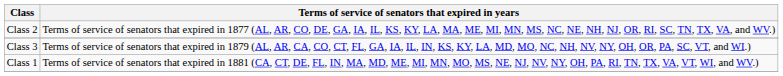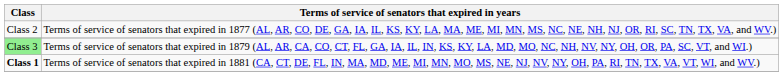 <table class="wikitable sortable">
 <tr valign=bottom>
 <th>Class</th>
 <th>Terms of service of senators that expired in years</th>
 </tr>
 <tr>
 <td>Class 2</td>
 <td>Terms of service of senators that expired in 1877 (<a href='#'>AL</a>, <a href='#'>AR</a>, <a href='#'>CO</a>, <a href='#'>DE</a>, <a href='#'>GA</a>, <a href='#'>IA</a>, <a href='#'>IL</a>, <a href='#'>KS</a>, <a href='#'>KY</a>, <a href='#'>LA</a>, <a href='#'>MA</a>, <a href='#'>ME</a>, <a href='#'>MI</a>, <a href='#'>MN</a>, <a href='#'>MS</a>, <a href='#'>NC</a>, <a href='#'>NE</a>, <a href='#'>NH</a>, <a href='#'>NJ</a>, <a href='#'>OR</a>, <a href='#'>RI</a>, <a href='#'>SC</a>, <a href='#'>TN</a>, <a href='#'>TX</a>, <a href='#'>VA</a>, and <a href='#'>WV</a>.)</td>
 </tr>
 <tr>
 </tr>
 <tr>
-<td>Class 3</td>
+<td style="background: lightgreen;">Class 3</td>
 <td>Terms of service of senators that expired in 1879 (<a href='#'>AL</a>, <a href='#'>AR</a>, <a href='#'>CA</a>, <a href='#'>CO</a>, <a href='#'>CT</a>, <a href='#'>FL</a>, <a href='#'>GA</a>, <a href='#'>IA</a>, <a href='#'>IL</a>, <a href='#'>IN</a>, <a href='#'>KS</a>, <a href='#'>KY</a>, <a href='#'>LA</a>, <a href='#'>MD</a>, <a href='#'>MO</a>, <a href='#'>NC</a>, <a href='#'>NH</a>, <a href='#'>NV</a>, <a href='#'>NY</a>, <a href='#'>OH</a>, <a href='#'>OR</a>, <a href='#'>PA</a>, <a href='#'>SC</a>, <a href='#'>VT</a>, and <a href='#'>WI</a>.)</td>
 </tr>
 <tr>
-<td>Class 1</td>
+<td><strong>Class 1</strong></td>
 <td>Terms of service of senators that expired in 1881 (<a href='#'>CA</a>, <a href='#'>CT</a>, <a href='#'>DE</a>, <a href='#'>FL</a>, <a href='#'>IN</a>, <a href='#'>MA</a>, <a href='#'>MD</a>, <a href='#'>ME</a>,  <a href='#'>MI</a>, <a href='#'>MN</a>, <a href='#'>MO</a>, <a href='#'>MS</a>, <a href='#'>NE</a>, <a href='#'>NJ</a>,  <a href='#'>NV</a>, <a href='#'>NY</a>, <a href='#'>OH</a>, <a href='#'>PA</a>, <a href='#'>RI</a>, <a href='#'>TN</a>, <a href='#'>TX</a>, <a href='#'>VA</a>, <a href='#'>VT</a>, <a href='#'>WI</a>, and <a href='#'>WV</a>.)</td>
 </tr>
 <tr>
 </tr>
 </table>
